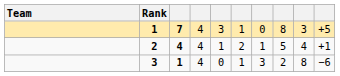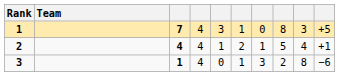 <table class="wikitable" style="text-align: center;">
 <tr>
+<th width=30>Rank</th>
 <th width=165 style="text-align:left;">Team</th>
-<th width=30>Rank</th>
 <th width=20></th>
 <th width=20></th>
 <th width=20></th>
 <th width=20></th>
 <th width=20></th>
 <th width=20></th>
 <th width=20></th>
 <th width=20></th>
 </tr>
 <tr style="background:#ffebad;">
+<td><strong>1</strong></td>
 <td style="text-align:left;"></td>
-<td><strong>1</strong></td>
 <td><strong>7</strong></td>
 <td>4</td>
 <td>3</td>
 <td>1</td>
 <td>0</td>
 <td>8</td>
 <td>3</td>
 <td>+5</td>
 </tr>
 <tr>
+<td><strong>2</strong></td>
 <td style="text-align:left;"></td>
-<td><strong>2</strong></td>
 <td><strong>4</strong></td>
 <td>4</td>
 <td>1</td>
 <td>2</td>
 <td>1</td>
 <td>5</td>
 <td>4</td>
 <td>+1</td>
 </tr>
 <tr>
+<td><strong>3</strong></td>
 <td style="text-align:left;"></td>
-<td><strong>3</strong></td>
 <td><strong>1</strong></td>
 <td>4</td>
 <td>0</td>
 <td>1</td>
 <td>3</td>
 <td>2</td>
 <td>8</td>
 <td>−6</td>
 </tr>
 </table>
